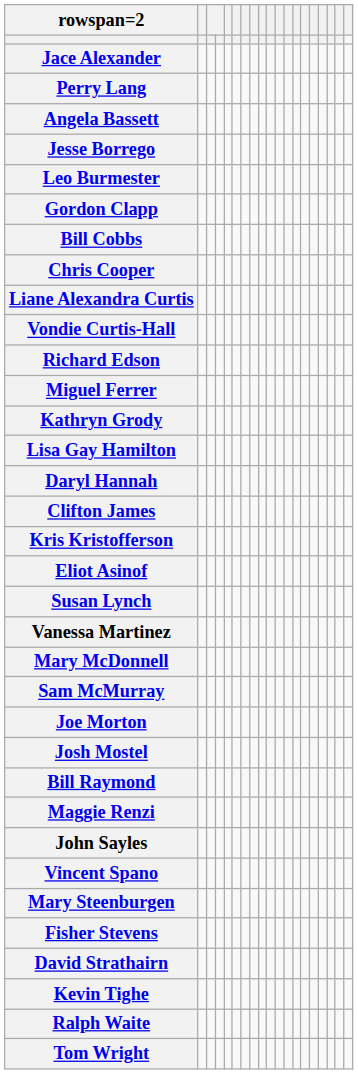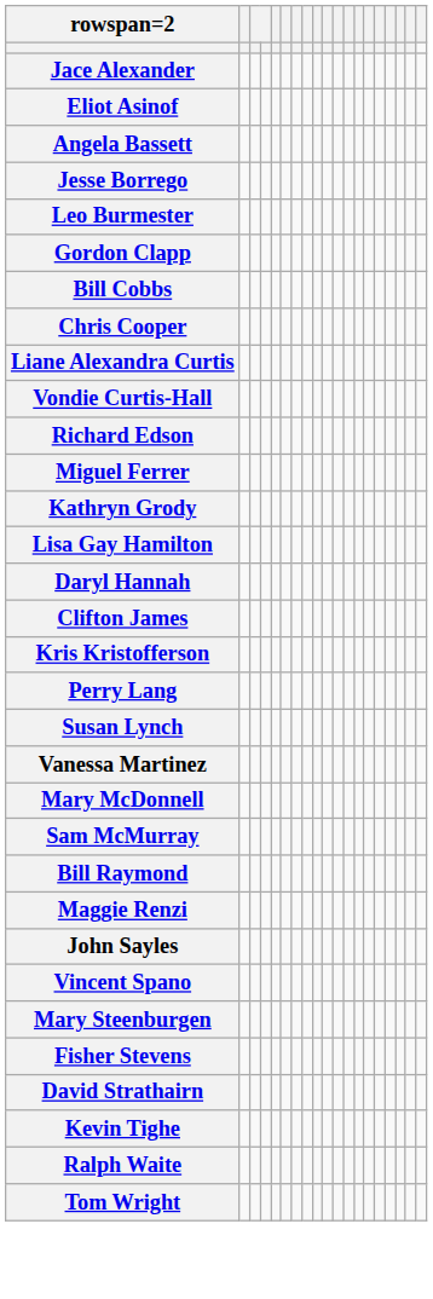 <table class="wikitable" style="text-align:center;font-size:90%;vertical-align:bottom;">
 <tr>
 <th>rowspan=2 </th>
 <th></th>
 <th colspan=2></th>
 <th></th>
 <th></th>
 <th></th>
 <th></th>
 <th></th>
 <th></th>
 <th></th>
 <th></th>
 <th></th>
 <th></th>
 <th></th>
 <th></th>
 <th></th>
 <th></th>
 <th></th>
 </tr>
 <tr>
 <th></th>
 <th></th>
 <th></th>
 <th></th>
 <th></th>
 <th></th>
 <th></th>
 <th></th>
 <th></th>
 <th></th>
 <th></th>
 <th></th>
 <th></th>
 <th></th>
 <th></th>
 <th></th>
 <th></th>
 <th></th>
 </tr>
 <tr>
 <th><a href='#'>Jace Alexander</a></th>
 <td></td>
 <td></td>
 <td></td>
 <td></td>
 <td></td>
 <td></td>
 <td></td>
 <td></td>
 <td></td>
 <td></td>
 <td></td>
 <td></td>
 <td></td>
 <td></td>
 <td></td>
 <td></td>
 <td></td>
 <td></td>
 </tr>
 <tr>
-<th><a href='#'>Perry Lang</a></th>
+<th><a href='#'>Eliot Asinof</a></th>
 <td></td>
 <td></td>
 <td></td>
 <td></td>
 <td></td>
 <td></td>
 <td></td>
 <td></td>
 <td></td>
 <td></td>
 <td></td>
 <td></td>
 <td></td>
 <td></td>
 <td></td>
 <td></td>
 <td></td>
 <td></td>
 </tr>
 <tr>
 <th><a href='#'>Angela Bassett</a></th>
 <td></td>
 <td></td>
 <td></td>
 <td></td>
 <td></td>
 <td></td>
 <td></td>
 <td></td>
 <td></td>
 <td></td>
 <td></td>
 <td></td>
 <td></td>
 <td></td>
 <td></td>
 <td></td>
 <td></td>
 <td></td>
 </tr>
 <tr>
 <th><a href='#'>Jesse Borrego</a></th>
 <td></td>
 <td></td>
 <td></td>
 <td></td>
 <td></td>
 <td></td>
 <td></td>
 <td></td>
 <td></td>
 <td></td>
 <td></td>
 <td></td>
 <td></td>
 <td></td>
 <td></td>
 <td></td>
 <td></td>
 <td></td>
 </tr>
 <tr>
 <th><a href='#'>Leo Burmester</a></th>
 <td></td>
 <td></td>
 <td></td>
 <td></td>
 <td></td>
 <td></td>
 <td></td>
 <td></td>
 <td></td>
 <td></td>
 <td></td>
 <td></td>
 <td></td>
 <td></td>
 <td></td>
 <td></td>
 <td></td>
 <td></td>
 </tr>
 <tr>
 <th><a href='#'>Gordon Clapp</a></th>
 <td></td>
 <td></td>
 <td></td>
 <td></td>
 <td></td>
 <td></td>
 <td></td>
 <td></td>
 <td></td>
 <td></td>
 <td></td>
 <td></td>
 <td></td>
 <td></td>
 <td></td>
 <td></td>
 <td></td>
 <td></td>
 </tr>
 <tr>
 <th><a href='#'>Bill Cobbs</a></th>
 <td></td>
 <td></td>
 <td></td>
 <td></td>
 <td></td>
 <td></td>
 <td></td>
 <td></td>
 <td></td>
 <td></td>
 <td></td>
 <td></td>
 <td></td>
 <td></td>
 <td></td>
 <td></td>
 <td></td>
 <td></td>
 </tr>
 <tr>
 <th><a href='#'>Chris Cooper</a></th>
 <td></td>
 <td></td>
 <td></td>
 <td></td>
 <td></td>
 <td></td>
 <td></td>
 <td></td>
 <td></td>
 <td></td>
 <td></td>
 <td></td>
 <td></td>
 <td></td>
 <td></td>
 <td></td>
 <td></td>
 <td></td>
 </tr>
 <tr>
 <th><a href='#'>Liane Alexandra Curtis</a></th>
 <td></td>
 <td></td>
 <td></td>
 <td></td>
 <td></td>
 <td></td>
 <td></td>
 <td></td>
 <td></td>
 <td></td>
 <td></td>
 <td></td>
 <td></td>
 <td></td>
 <td></td>
 <td></td>
 <td></td>
 <td></td>
 </tr>
 <tr>
 <th><a href='#'>Vondie Curtis-Hall</a></th>
 <td></td>
 <td></td>
 <td></td>
 <td></td>
 <td></td>
 <td></td>
 <td></td>
 <td></td>
 <td></td>
 <td></td>
 <td></td>
 <td></td>
 <td></td>
 <td></td>
 <td></td>
 <td></td>
 <td></td>
 <td></td>
 </tr>
 <tr>
 <th><a href='#'>Richard Edson</a></th>
 <td></td>
 <td></td>
 <td></td>
 <td></td>
 <td></td>
 <td></td>
 <td></td>
 <td></td>
 <td></td>
 <td></td>
 <td></td>
 <td></td>
 <td></td>
 <td></td>
 <td></td>
 <td></td>
 <td></td>
 <td></td>
 </tr>
 <tr>
 <th><a href='#'>Miguel Ferrer</a></th>
 <td></td>
 <td></td>
 <td></td>
 <td></td>
 <td></td>
 <td></td>
 <td></td>
 <td></td>
 <td></td>
 <td></td>
 <td></td>
 <td></td>
 <td></td>
 <td></td>
 <td></td>
 <td></td>
 <td></td>
 <td></td>
 </tr>
 <tr>
 <th><a href='#'>Kathryn Grody</a></th>
 <td></td>
 <td></td>
 <td></td>
 <td></td>
 <td></td>
 <td></td>
 <td></td>
 <td></td>
 <td></td>
 <td></td>
 <td></td>
 <td></td>
 <td></td>
 <td></td>
 <td></td>
 <td></td>
 <td></td>
 <td></td>
 </tr>
 <tr>
 <th><a href='#'>Lisa Gay Hamilton</a></th>
 <td></td>
 <td></td>
 <td></td>
 <td></td>
 <td></td>
 <td></td>
 <td></td>
 <td></td>
 <td></td>
 <td></td>
 <td></td>
 <td></td>
 <td></td>
 <td></td>
 <td></td>
 <td></td>
 <td></td>
 <td></td>
 </tr>
 <tr>
 <th><a href='#'>Daryl Hannah</a></th>
 <td></td>
 <td></td>
 <td></td>
 <td></td>
 <td></td>
 <td></td>
 <td></td>
 <td></td>
 <td></td>
 <td></td>
 <td></td>
 <td></td>
 <td></td>
 <td></td>
 <td></td>
 <td></td>
 <td></td>
 <td></td>
 </tr>
 <tr>
 <th><a href='#'>Clifton James</a></th>
 <td></td>
 <td></td>
 <td></td>
 <td></td>
 <td></td>
 <td></td>
 <td></td>
 <td></td>
 <td></td>
 <td></td>
 <td></td>
 <td></td>
 <td></td>
 <td></td>
 <td></td>
 <td></td>
 <td></td>
 <td></td>
 </tr>
 <tr>
 <th><a href='#'>Kris Kristofferson</a></th>
 <td></td>
 <td></td>
 <td></td>
 <td></td>
 <td></td>
 <td></td>
 <td></td>
 <td></td>
 <td></td>
 <td></td>
 <td></td>
 <td></td>
 <td></td>
 <td></td>
 <td></td>
 <td></td>
 <td></td>
 <td></td>
 </tr>
 <tr>
-<th><a href='#'>Eliot Asinof</a></th>
+<th><a href='#'>Perry Lang</a></th>
 <td></td>
 <td></td>
 <td></td>
 <td></td>
 <td></td>
 <td></td>
 <td></td>
 <td></td>
 <td></td>
 <td></td>
 <td></td>
 <td></td>
 <td></td>
 <td></td>
 <td></td>
 <td></td>
 <td></td>
 <td></td>
 </tr>
 <tr>
 <th><a href='#'>Susan Lynch</a></th>
 <td></td>
 <td></td>
 <td></td>
 <td></td>
 <td></td>
 <td></td>
 <td></td>
 <td></td>
 <td></td>
 <td></td>
 <td></td>
 <td></td>
 <td></td>
 <td></td>
 <td></td>
 <td></td>
 <td></td>
 <td></td>
 </tr>
 <tr>
 <th>Vanessa Martinez</th>
 <td></td>
 <td></td>
 <td></td>
 <td></td>
 <td></td>
 <td></td>
 <td></td>
 <td></td>
 <td></td>
 <td></td>
 <td></td>
 <td></td>
 <td></td>
 <td></td>
 <td></td>
 <td></td>
 <td></td>
 <td></td>
 </tr>
 <tr>
 <th><a href='#'>Mary McDonnell</a></th>
 <td></td>
 <td></td>
 <td></td>
 <td></td>
 <td></td>
 <td></td>
 <td></td>
 <td></td>
 <td></td>
 <td></td>
 <td></td>
 <td></td>
 <td></td>
 <td></td>
 <td></td>
 <td></td>
 <td></td>
 <td></td>
 </tr>
 <tr>
 <th><a href='#'>Sam McMurray</a></th>
-<td></td>
-<td></td>
-<td></td>
-<td></td>
-<td></td>
-<td></td>
-<td></td>
-<td></td>
-<td></td>
-<td></td>
-<td></td>
-<td></td>
-<td></td>
-<td></td>
-<td></td>
-<td></td>
-<td></td>
-<td></td>
-</tr>
-<tr>
-<th><a href='#'>Joe Morton</a></th>
-<td></td>
-<td></td>
-<td></td>
-<td></td>
-<td></td>
-<td></td>
-<td></td>
-<td></td>
-<td></td>
-<td></td>
-<td></td>
-<td></td>
-<td></td>
-<td></td>
-<td></td>
-<td></td>
-<td></td>
-<td></td>
-</tr>
-<tr>
-<th><a href='#'>Josh Mostel</a></th>
 <td></td>
 <td></td>
 <td></td>
 <td></td>
 <td></td>
 <td></td>
 <td></td>
 <td></td>
 <td></td>
 <td></td>
 <td></td>
 <td></td>
 <td></td>
 <td></td>
 <td></td>
 <td></td>
 <td></td>
 <td></td>
 </tr>
 <tr>
 <th><a href='#'>Bill Raymond</a></th>
 <td></td>
 <td></td>
 <td></td>
 <td></td>
 <td></td>
 <td></td>
 <td></td>
 <td></td>
 <td></td>
 <td></td>
 <td></td>
 <td></td>
 <td></td>
 <td></td>
 <td></td>
 <td></td>
 <td></td>
 <td></td>
 </tr>
 <tr>
 <th><a href='#'>Maggie Renzi</a></th>
 <td></td>
 <td></td>
 <td></td>
 <td></td>
 <td></td>
 <td></td>
 <td></td>
 <td></td>
 <td></td>
 <td></td>
 <td></td>
 <td></td>
 <td></td>
 <td></td>
 <td></td>
 <td></td>
 <td></td>
 <td></td>
 </tr>
 <tr>
 <th>John Sayles</th>
 <td></td>
 <td></td>
 <td></td>
 <td></td>
 <td></td>
 <td></td>
 <td></td>
 <td></td>
 <td></td>
 <td></td>
 <td></td>
 <td></td>
 <td></td>
 <td></td>
 <td></td>
 <td></td>
 <td></td>
 <td></td>
 </tr>
 <tr>
 <th><a href='#'>Vincent Spano</a></th>
 <td></td>
 <td></td>
 <td></td>
 <td></td>
 <td></td>
 <td></td>
 <td></td>
 <td></td>
 <td></td>
 <td></td>
 <td></td>
 <td></td>
 <td></td>
 <td></td>
 <td></td>
 <td></td>
 <td></td>
 <td></td>
 </tr>
 <tr>
 <th><a href='#'>Mary Steenburgen</a></th>
 <td></td>
 <td></td>
 <td></td>
 <td></td>
 <td></td>
 <td></td>
 <td></td>
 <td></td>
 <td></td>
 <td></td>
 <td></td>
 <td></td>
 <td></td>
 <td></td>
 <td></td>
 <td></td>
 <td></td>
 <td></td>
 </tr>
 <tr>
 <th><a href='#'>Fisher Stevens</a></th>
 <td></td>
 <td></td>
 <td></td>
 <td></td>
 <td></td>
 <td></td>
 <td></td>
 <td></td>
 <td></td>
 <td></td>
 <td></td>
 <td></td>
 <td></td>
 <td></td>
 <td></td>
 <td></td>
 <td></td>
 <td></td>
 </tr>
 <tr>
 <th><a href='#'>David Strathairn</a></th>
 <td></td>
 <td></td>
 <td></td>
 <td></td>
 <td></td>
 <td></td>
 <td></td>
 <td></td>
 <td></td>
 <td></td>
 <td></td>
 <td></td>
 <td></td>
 <td></td>
 <td></td>
 <td></td>
 <td></td>
 <td></td>
 </tr>
 <tr>
 <th><a href='#'>Kevin Tighe</a></th>
 <td></td>
 <td></td>
 <td></td>
 <td></td>
 <td></td>
 <td></td>
 <td></td>
 <td></td>
 <td></td>
 <td></td>
 <td></td>
 <td></td>
 <td></td>
 <td></td>
 <td></td>
 <td></td>
 <td></td>
 <td></td>
 </tr>
 <tr>
 <th><a href='#'>Ralph Waite</a></th>
 <td></td>
 <td></td>
 <td></td>
 <td></td>
 <td></td>
 <td></td>
 <td></td>
 <td></td>
 <td></td>
 <td></td>
 <td></td>
 <td></td>
 <td></td>
 <td></td>
 <td></td>
 <td></td>
 <td></td>
 <td></td>
 </tr>
 <tr>
 <th><a href='#'>Tom Wright</a></th>
 <td></td>
 <td></td>
 <td></td>
 <td></td>
 <td></td>
 <td></td>
 <td></td>
 <td></td>
 <td></td>
 <td></td>
 <td></td>
 <td></td>
 <td></td>
 <td></td>
 <td></td>
 <td></td>
 <td></td>
 <td></td>
 </tr>
 </table>
